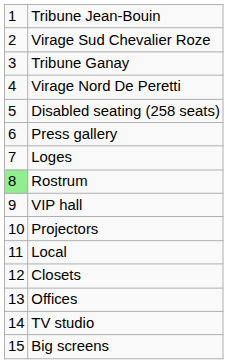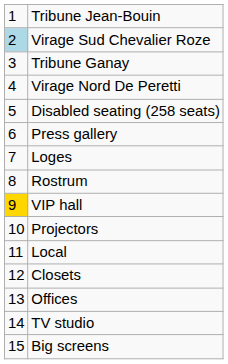 <table class="wikitable" align=>
 <tr>
 <td>1</td>
 <td>Tribune Jean-Bouin</td>
 </tr>
 <tr>
-<td>2</td>
+<td style="background: lightblue;">2</td>
 <td>Virage Sud Chevalier Roze</td>
 </tr>
 <tr>
 <td>3</td>
 <td>Tribune Ganay</td>
 </tr>
 <tr>
 <td>4</td>
 <td>Virage Nord De Peretti</td>
 </tr>
 <tr>
 <td>5</td>
 <td>Disabled seating (258 seats)</td>
 </tr>
 <tr>
 <td>6</td>
 <td>Press gallery</td>
 </tr>
 <tr>
 <td>7</td>
 <td>Loges</td>
 </tr>
 <tr>
-<td style="background: lightgreen;">8</td>
+<td>8</td>
 <td>Rostrum</td>
 </tr>
 <tr>
-<td>9</td>
+<td style="background: gold;">9</td>
 <td>VIP hall</td>
 </tr>
 <tr>
 <td>10</td>
 <td>Projectors</td>
 </tr>
 <tr>
 <td>11</td>
 <td>Local</td>
 </tr>
 <tr>
 <td>12</td>
 <td>Closets</td>
 </tr>
 <tr>
 <td>13</td>
 <td>Offices</td>
 </tr>
 <tr>
 <td>14</td>
 <td>TV studio</td>
 </tr>
 <tr>
 <td>15</td>
 <td>Big screens</td>
 </tr>
 </table>
